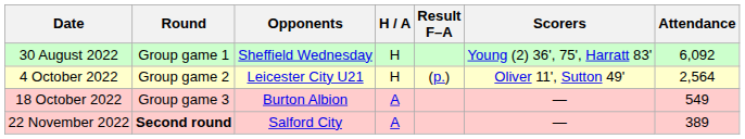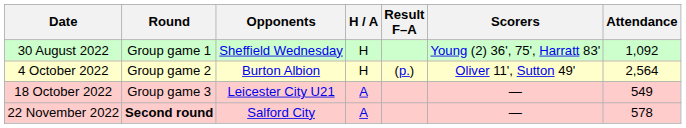 <table class="wikitable" style="text-align:center">
 <tr>
 <th>Date</th>
 <th>Round</th>
 <th>Opponents</th>
 <th>H / A</th>
 <th>Result<br>F–A</th>
 <th>Scorers</th>
 <th>Attendance</th>
 </tr>
 <tr bgcolor="#CCFFCC">
 <td>30 August 2022</td>
 <td>Group game 1</td>
 <td><a href='#'>Sheffield Wednesday</a></td>
 <td>H</td>
 <td></td>
 <td><a href='#'>Young</a> (2) 36', 75', <a href='#'>Harratt</a> 83'</td>
-<td>6,092</td>
+<td>1,092</td>
 </tr>
 <tr bgcolor="#FFFFCC">
 <td>4 October 2022</td>
 <td>Group game 2</td>
-<td><a href='#'>Leicester City U21</a></td>
+<td><a href='#'>Burton Albion</a></td>
 <td>H</td>
 <td>(<a href='#'>p.</a>)</td>
 <td><a href='#'>Oliver</a> 11', <a href='#'>Sutton</a> 49'</td>
 <td>2,564</td>
 </tr>
 <tr bgcolor="#FFCCCC">
 <td>18 October 2022</td>
 <td>Group game 3</td>
-<td><a href='#'>Burton Albion</a></td>
+<td><a href='#'>Leicester City U21</a></td>
 <td><a href='#'>A</a></td>
 <td></td>
 <td>—</td>
 <td>549</td>
 </tr>
 <tr bgcolor="#FFCCCC">
 <td>22 November 2022</td>
 <td><strong>Second round</strong></td>
 <td><a href='#'>Salford City</a></td>
 <td><a href='#'>A</a></td>
 <td></td>
 <td>—</td>
-<td>389</td>
+<td>578</td>
 </tr>
 </table>
